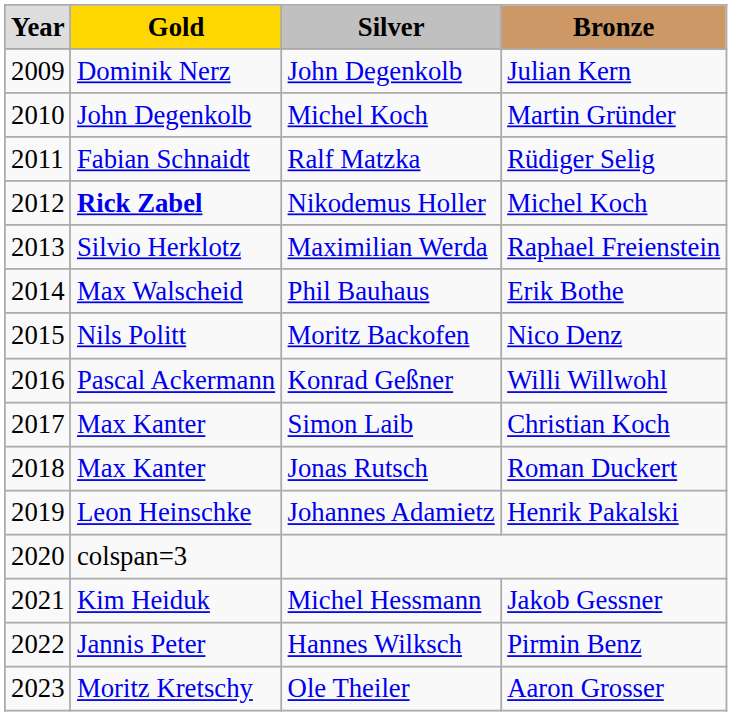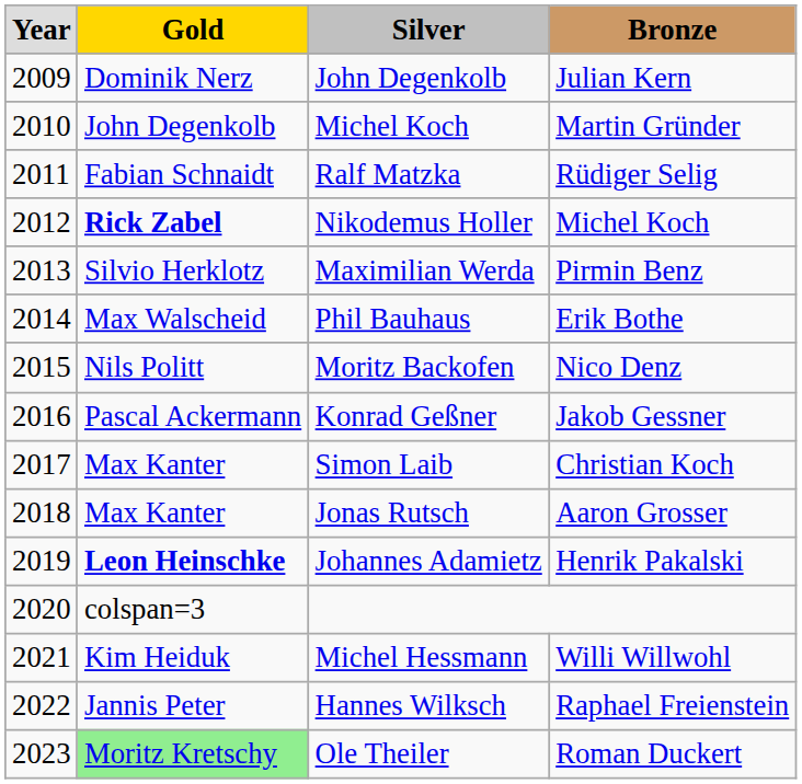 <table class="wikitable sortable" style="font-size:95%">
 <tr>
 <td style="background:#DDDDDD; font-weight:bold; text-align:center;">Year</td>
 <td style="background:gold; font-weight:bold; text-align:center;">Gold</td>
 <td style="background:silver; font-weight:bold; text-align:center;">Silver</td>
 <td style="background:#cc9966; font-weight:bold; text-align:center;">Bronze</td>
 </tr>
 <tr>
 <td>2009</td>
 <td><a href='#'>Dominik Nerz</a></td>
 <td><a href='#'>John Degenkolb</a></td>
 <td><a href='#'>Julian Kern</a></td>
 </tr>
 <tr>
 <td>2010</td>
 <td><a href='#'>John Degenkolb</a></td>
 <td><a href='#'>Michel Koch</a></td>
 <td><a href='#'>Martin Gründer</a></td>
 </tr>
 <tr>
 <td>2011</td>
 <td><a href='#'>Fabian Schnaidt</a></td>
 <td><a href='#'>Ralf Matzka</a></td>
 <td><a href='#'>Rüdiger Selig</a></td>
 </tr>
 <tr>
 <td>2012</td>
 <td><strong><a href='#'>Rick Zabel</a></strong></td>
 <td><a href='#'>Nikodemus Holler</a></td>
 <td><a href='#'>Michel Koch</a></td>
 </tr>
 <tr>
 <td>2013</td>
 <td><a href='#'>Silvio Herklotz</a></td>
 <td><a href='#'>Maximilian Werda</a></td>
-<td><a href='#'>Raphael Freienstein</a></td>
+<td><a href='#'>Pirmin Benz</a></td>
 </tr>
 <tr>
 <td>2014</td>
 <td><a href='#'>Max Walscheid</a></td>
 <td><a href='#'>Phil Bauhaus</a></td>
 <td><a href='#'>Erik Bothe</a></td>
 </tr>
 <tr>
 <td>2015</td>
 <td><a href='#'>Nils Politt</a></td>
 <td><a href='#'>Moritz Backofen</a></td>
 <td><a href='#'>Nico Denz</a></td>
 </tr>
 <tr>
 <td>2016</td>
 <td><a href='#'>Pascal Ackermann</a></td>
 <td><a href='#'>Konrad Geßner</a></td>
-<td><a href='#'>Willi Willwohl</a></td>
+<td><a href='#'>Jakob Gessner</a></td>
 </tr>
 <tr>
 <td>2017</td>
 <td><a href='#'>Max Kanter</a></td>
 <td><a href='#'>Simon Laib</a></td>
 <td><a href='#'>Christian Koch</a></td>
 </tr>
 <tr>
 <td>2018</td>
 <td><a href='#'>Max Kanter</a></td>
 <td><a href='#'>Jonas Rutsch</a></td>
-<td><a href='#'>Roman Duckert</a></td>
+<td><a href='#'>Aaron Grosser</a></td>
 </tr>
 <tr>
 <td>2019</td>
-<td><a href='#'>Leon Heinschke</a></td>
+<td><strong><a href='#'>Leon Heinschke</a></strong></td>
 <td><a href='#'>Johannes Adamietz</a></td>
 <td><a href='#'>Henrik Pakalski</a></td>
 </tr>
 <tr>
 <td>2020</td>
 <td>colspan=3 </td>
 </tr>
 <tr>
 <td>2021</td>
 <td><a href='#'>Kim Heiduk</a></td>
 <td><a href='#'>Michel Hessmann</a></td>
-<td><a href='#'>Jakob Gessner</a></td>
+<td><a href='#'>Willi Willwohl</a></td>
 </tr>
 <tr>
 <td>2022</td>
 <td><a href='#'>Jannis Peter</a></td>
 <td><a href='#'>Hannes Wilksch</a></td>
-<td><a href='#'>Pirmin Benz</a></td>
+<td><a href='#'>Raphael Freienstein</a></td>
 </tr>
 <tr>
 <td>2023</td>
-<td><a href='#'>Moritz Kretschy</a></td>
+<td style="background: lightgreen;"><a href='#'>Moritz Kretschy</a></td>
 <td><a href='#'>Ole Theiler</a></td>
-<td><a href='#'>Aaron Grosser</a></td>
+<td><a href='#'>Roman Duckert</a></td>
 </tr>
 </table>
